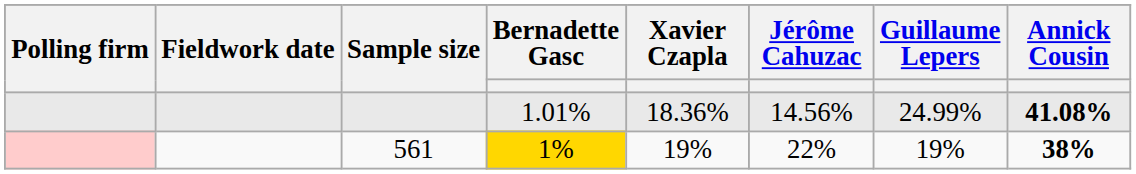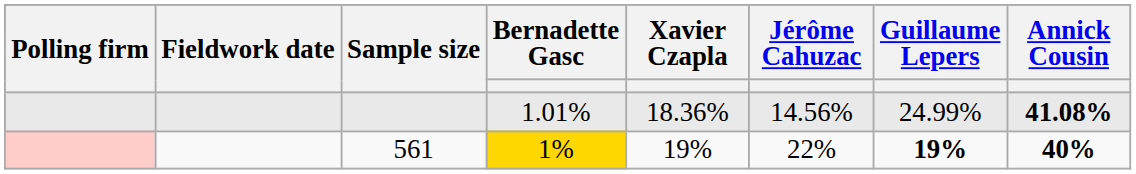 <table class="wikitable sortable" style="text-align:center;font-size:90%;line-height:14px">
 <tr style="height:40px;">
 <th rowspan="2">Polling firm</th>
 <th rowspan="2">Fieldwork date</th>
 <th rowspan="2">Sample size</th>
 <th class="unsortable" style="width:60px">Bernadette Gasc<br></th>
 <th class="unsortable" style="width:60px">Xavier Czapla<br></th>
 <th class="unsortable" style="width:60px"><a href='#'>Jérôme Cahuzac</a><br></th>
 <th class="unsortable" style="width:60px"><a href='#'>Guillaume Lepers</a><br></th>
 <th class="unsortable" style="width:60px"><a href='#'>Annick Cousin</a><br></th>
 </tr>
 <tr>
 <th style="background:"></th>
 <th style="background:"></th>
 <th style="background:"></th>
 <th style="background:"></th>
 <th style="background:"></th>
 </tr>
 <tr style="background:#E9E9E9">
 <td></td>
 <td></td>
 <td></td>
 <td>1.01%</td>
 <td>18.36%</td>
 <td>14.56%</td>
 <td>24.99%</td>
 <td style="background-color:#"><strong>41.08%</strong></td>
 </tr>
 <tr>
 <td style="background:#FFCCCC"></td>
 <td></td>
 <td>561</td>
 <td style="background: gold;">1%</td>
 <td>19%</td>
 <td>22%</td>
-<td>19%</td>
-<td style="background-color:#"><strong>38%</strong></td>
+<td><strong>19%</strong></td>
+<td style="background-color:#"><strong>40%</strong></td>
 </tr>
 </table>
